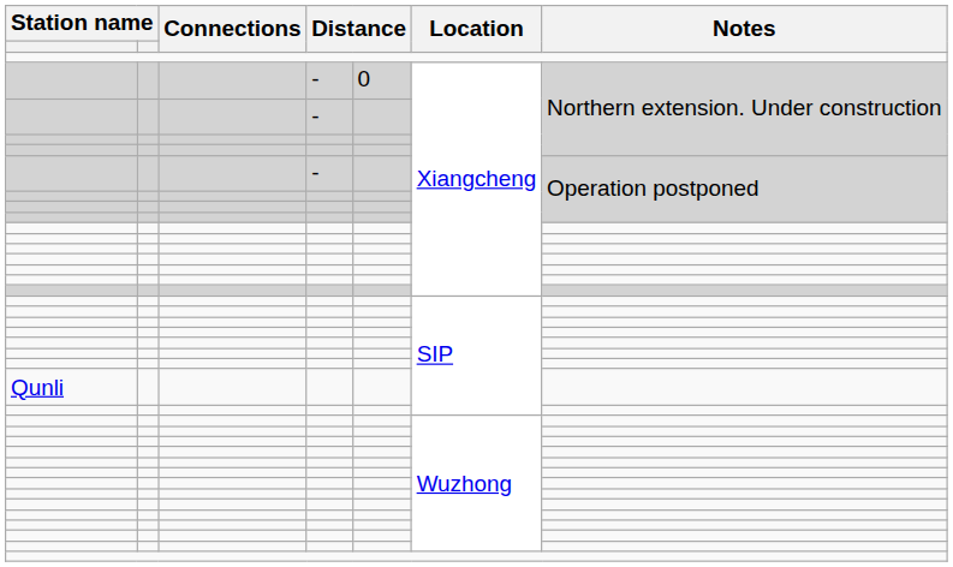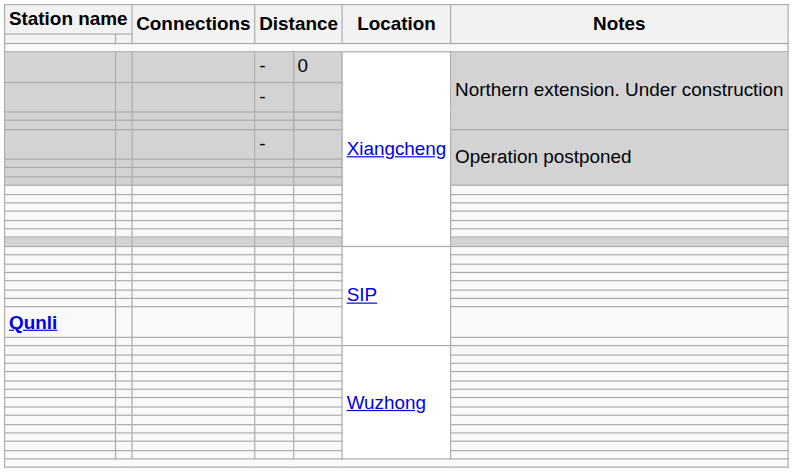 <table class="wikitable">
 <tr>
 <th colspan="2">Station name</th>
 <th rowspan="2">Connections</th>
 <th colspan="2" rowspan="2">Distance<br></th>
 <th rowspan="2">Location</th>
 <th rowspan="2">Notes</th>
 </tr>
 <tr>
 <th></th>
 <th></th>
 </tr>
 <tr style="background:#">
 <td colspan = "7"></td>
 </tr>
 <tr bgcolor="lightgrey">
 <td></td>
 <td></td>
 <td></td>
 <td>-</td>
 <td>0</td>
 <td bgcolor="white" rowspan="15"><a href='#'>Xiangcheng</a></td>
 <td rowspan="4">Northern extension. Under construction</td>
 </tr>
 <tr bgcolor="lightgrey">
 <td></td>
 <td></td>
 <td></td>
 <td>-</td>
 <td></td>
 </tr>
 <tr bgcolor="lightgrey">
 <td></td>
 <td></td>
 <td></td>
 <td></td>
 <td></td>
 </tr>
 <tr bgcolor="lightgrey">
 <td></td>
 <td></td>
 <td></td>
 <td></td>
 <td></td>
 </tr>
 <tr bgcolor="lightgrey">
 <td></td>
 <td></td>
 <td></td>
 <td>-</td>
 <td></td>
 <td rowspan="4">Operation postponed</td>
 </tr>
 <tr bgcolor="lightgrey">
 <td></td>
 <td></td>
 <td></td>
 <td></td>
 <td></td>
 </tr>
 <tr bgcolor="lightgrey">
 <td></td>
 <td></td>
 <td> </td>
 <td></td>
 <td></td>
 </tr>
 <tr bgcolor="lightgrey">
 <td></td>
 <td></td>
 <td></td>
 <td></td>
 <td></td>
 </tr>
 <tr>
 <td></td>
 <td></td>
 <td></td>
 <td></td>
 <td></td>
 <td></td>
 </tr>
 <tr>
 <td></td>
 <td></td>
 <td></td>
 <td></td>
 <td></td>
 <td></td>
 </tr>
 <tr>
 <td></td>
 <td></td>
 <td></td>
 <td></td>
 <td></td>
 <td></td>
 </tr>
 <tr>
 <td></td>
 <td></td>
 <td></td>
 <td></td>
 <td></td>
 <td></td>
 </tr>
 <tr>
 <td></td>
 <td></td>
 <td></td>
 <td></td>
 <td></td>
 <td></td>
 </tr>
 <tr>
 <td></td>
 <td></td>
 <td></td>
 <td></td>
 <td></td>
 <td></td>
 </tr>
 <tr bgcolor="lightgrey">
 <td></td>
 <td></td>
 <td></td>
 <td></td>
 <td></td>
 <td></td>
 </tr>
 <tr>
 <td></td>
 <td></td>
 <td></td>
 <td></td>
 <td></td>
 <td bgcolor="white" rowspan="9"><a href='#'>SIP</a></td>
 <td></td>
 </tr>
 <tr>
 <td></td>
 <td></td>
 <td></td>
 <td></td>
 <td></td>
 <td></td>
 </tr>
 <tr>
 <td></td>
 <td></td>
 <td></td>
 <td></td>
 <td></td>
 <td></td>
 </tr>
 <tr>
 <td></td>
 <td></td>
 <td></td>
 <td></td>
 <td></td>
 <td></td>
 </tr>
 <tr>
 <td></td>
 <td></td>
 <td></td>
 <td></td>
 <td></td>
 <td></td>
 </tr>
 <tr>
 <td></td>
 <td></td>
 <td></td>
 <td></td>
 <td></td>
 <td></td>
 </tr>
 <tr>
 <td></td>
 <td></td>
 <td></td>
 <td></td>
 <td></td>
 <td></td>
 </tr>
 <tr>
-<td><a href='#'>Qunli</a></td>
+<td><strong><a href='#'>Qunli</a></strong></td>
 <td></td>
 <td></td>
 <td></td>
 <td></td>
 <td></td>
 </tr>
 <tr>
 <td></td>
 <td></td>
 <td></td>
 <td></td>
 <td></td>
 <td></td>
 </tr>
 <tr>
 <td></td>
 <td></td>
 <td></td>
 <td></td>
 <td></td>
 <td bgcolor="white" rowspan="13"><a href='#'>Wuzhong</a></td>
 <td></td>
 </tr>
 <tr>
 <td></td>
 <td></td>
 <td></td>
 <td></td>
 <td></td>
 <td></td>
 </tr>
 <tr>
 <td></td>
 <td></td>
 <td></td>
 <td></td>
 <td></td>
 <td></td>
 </tr>
 <tr>
 <td></td>
 <td></td>
 <td></td>
 <td></td>
 <td></td>
 <td></td>
 </tr>
 <tr>
 <td></td>
 <td></td>
 <td></td>
 <td></td>
 <td></td>
 <td></td>
 </tr>
 <tr>
 <td></td>
 <td></td>
 <td></td>
 <td></td>
 <td></td>
 <td></td>
 </tr>
 <tr>
 <td></td>
 <td></td>
 <td></td>
 <td></td>
 <td></td>
 <td></td>
 </tr>
 <tr>
 <td></td>
 <td></td>
 <td></td>
 <td></td>
 <td></td>
 <td></td>
 </tr>
 <tr>
 <td></td>
 <td></td>
 <td></td>
 <td></td>
 <td></td>
 <td></td>
 </tr>
 <tr>
 <td></td>
 <td></td>
 <td></td>
 <td></td>
 <td></td>
 <td></td>
 </tr>
 <tr>
 <td></td>
 <td></td>
 <td></td>
 <td></td>
 <td></td>
 <td></td>
 </tr>
 <tr>
 <td></td>
 <td></td>
 <td></td>
 <td></td>
 <td></td>
 <td></td>
 </tr>
 <tr>
 <td></td>
 <td></td>
 <td></td>
 <td></td>
 <td></td>
 <td></td>
 </tr>
 <tr style="background:#">
 <td colspan ="7"></td>
 </tr>
 </table>
